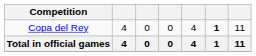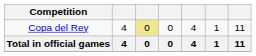 <table class="wikitable" style="text-align:center">
 <tr>
 <th>Competition</th>
 <th width=30></th>
 <th width=30></th>
 <th width=30></th>
 <th width=30></th>
 <th width=30></th>
 <th width=30></th>
 </tr>
 <tr>
 <td><a href='#'>Copa del Rey</a></td>
 <td>4</td>
-<td>0</td>
+<td style="background: khaki;">0</td>
 <td>0</td>
 <td>4</td>
-<td><strong>1</strong></td>
+<td>1</td>
 <td>11</td>
 </tr>
 <tr>
 <th>Total in official games</th>
 <th>4</th>
 <th>0</th>
 <th>0</th>
 <th>4</th>
 <th>1</th>
 <th>11</th>
 </tr>
 <tr>
 </tr>
 </table>
